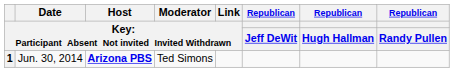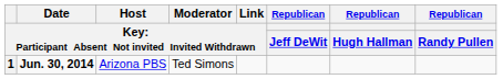 <table class="wikitable" style="text-align:center;">
 <tr>
 <th scope="col"></th>
 <th scope="col">Date</th>
 <th scope="col">Host</th>
 <th scope="col">Moderator</th>
 <th scope="col">Link</th>
 <th scope="col"><small><a href='#'>Republican</a></small></th>
 <th scope="col"><small><a href='#'>Republican</a></small></th>
 <th scope="col"><small><a href='#'>Republican</a></small></th>
 </tr>
 <tr>
 <th colspan="5" rowspan="2">Key:<br> <small>Participant </small>  <small>Absent </small>  <small>Not invited </small>  <small>Invited  Withdrawn</small></th>
 <th scope="col" style="background:"></th>
 <th scope="col" style="background:"></th>
 <th scope="col" style="background:"></th>
 </tr>
 <tr>
 <th scope="col"><a href='#'>Jeff DeWit</a></th>
 <th scope="col"><a href='#'>Hugh Hallman</a></th>
 <th scope="col"><a href='#'>Randy Pullen</a></th>
 </tr>
 <tr>
 <th>1</th>
-<td style="white-space:nowrap;">Jun. 30, 2014</td>
-<td style="white-space:nowrap;"><strong><a href='#'>Arizona PBS</a></strong></td>
+<td style="white-space:nowrap;"><strong>Jun. 30, 2014</strong></td>
+<td style="white-space:nowrap;"><a href='#'>Arizona PBS</a></td>
 <td style="white-space:nowrap;">Ted Simons</td>
 <td style="white-space:nowrap;"></td>
 <td></td>
 <td></td>
 <td></td>
 </tr>
 </table>
